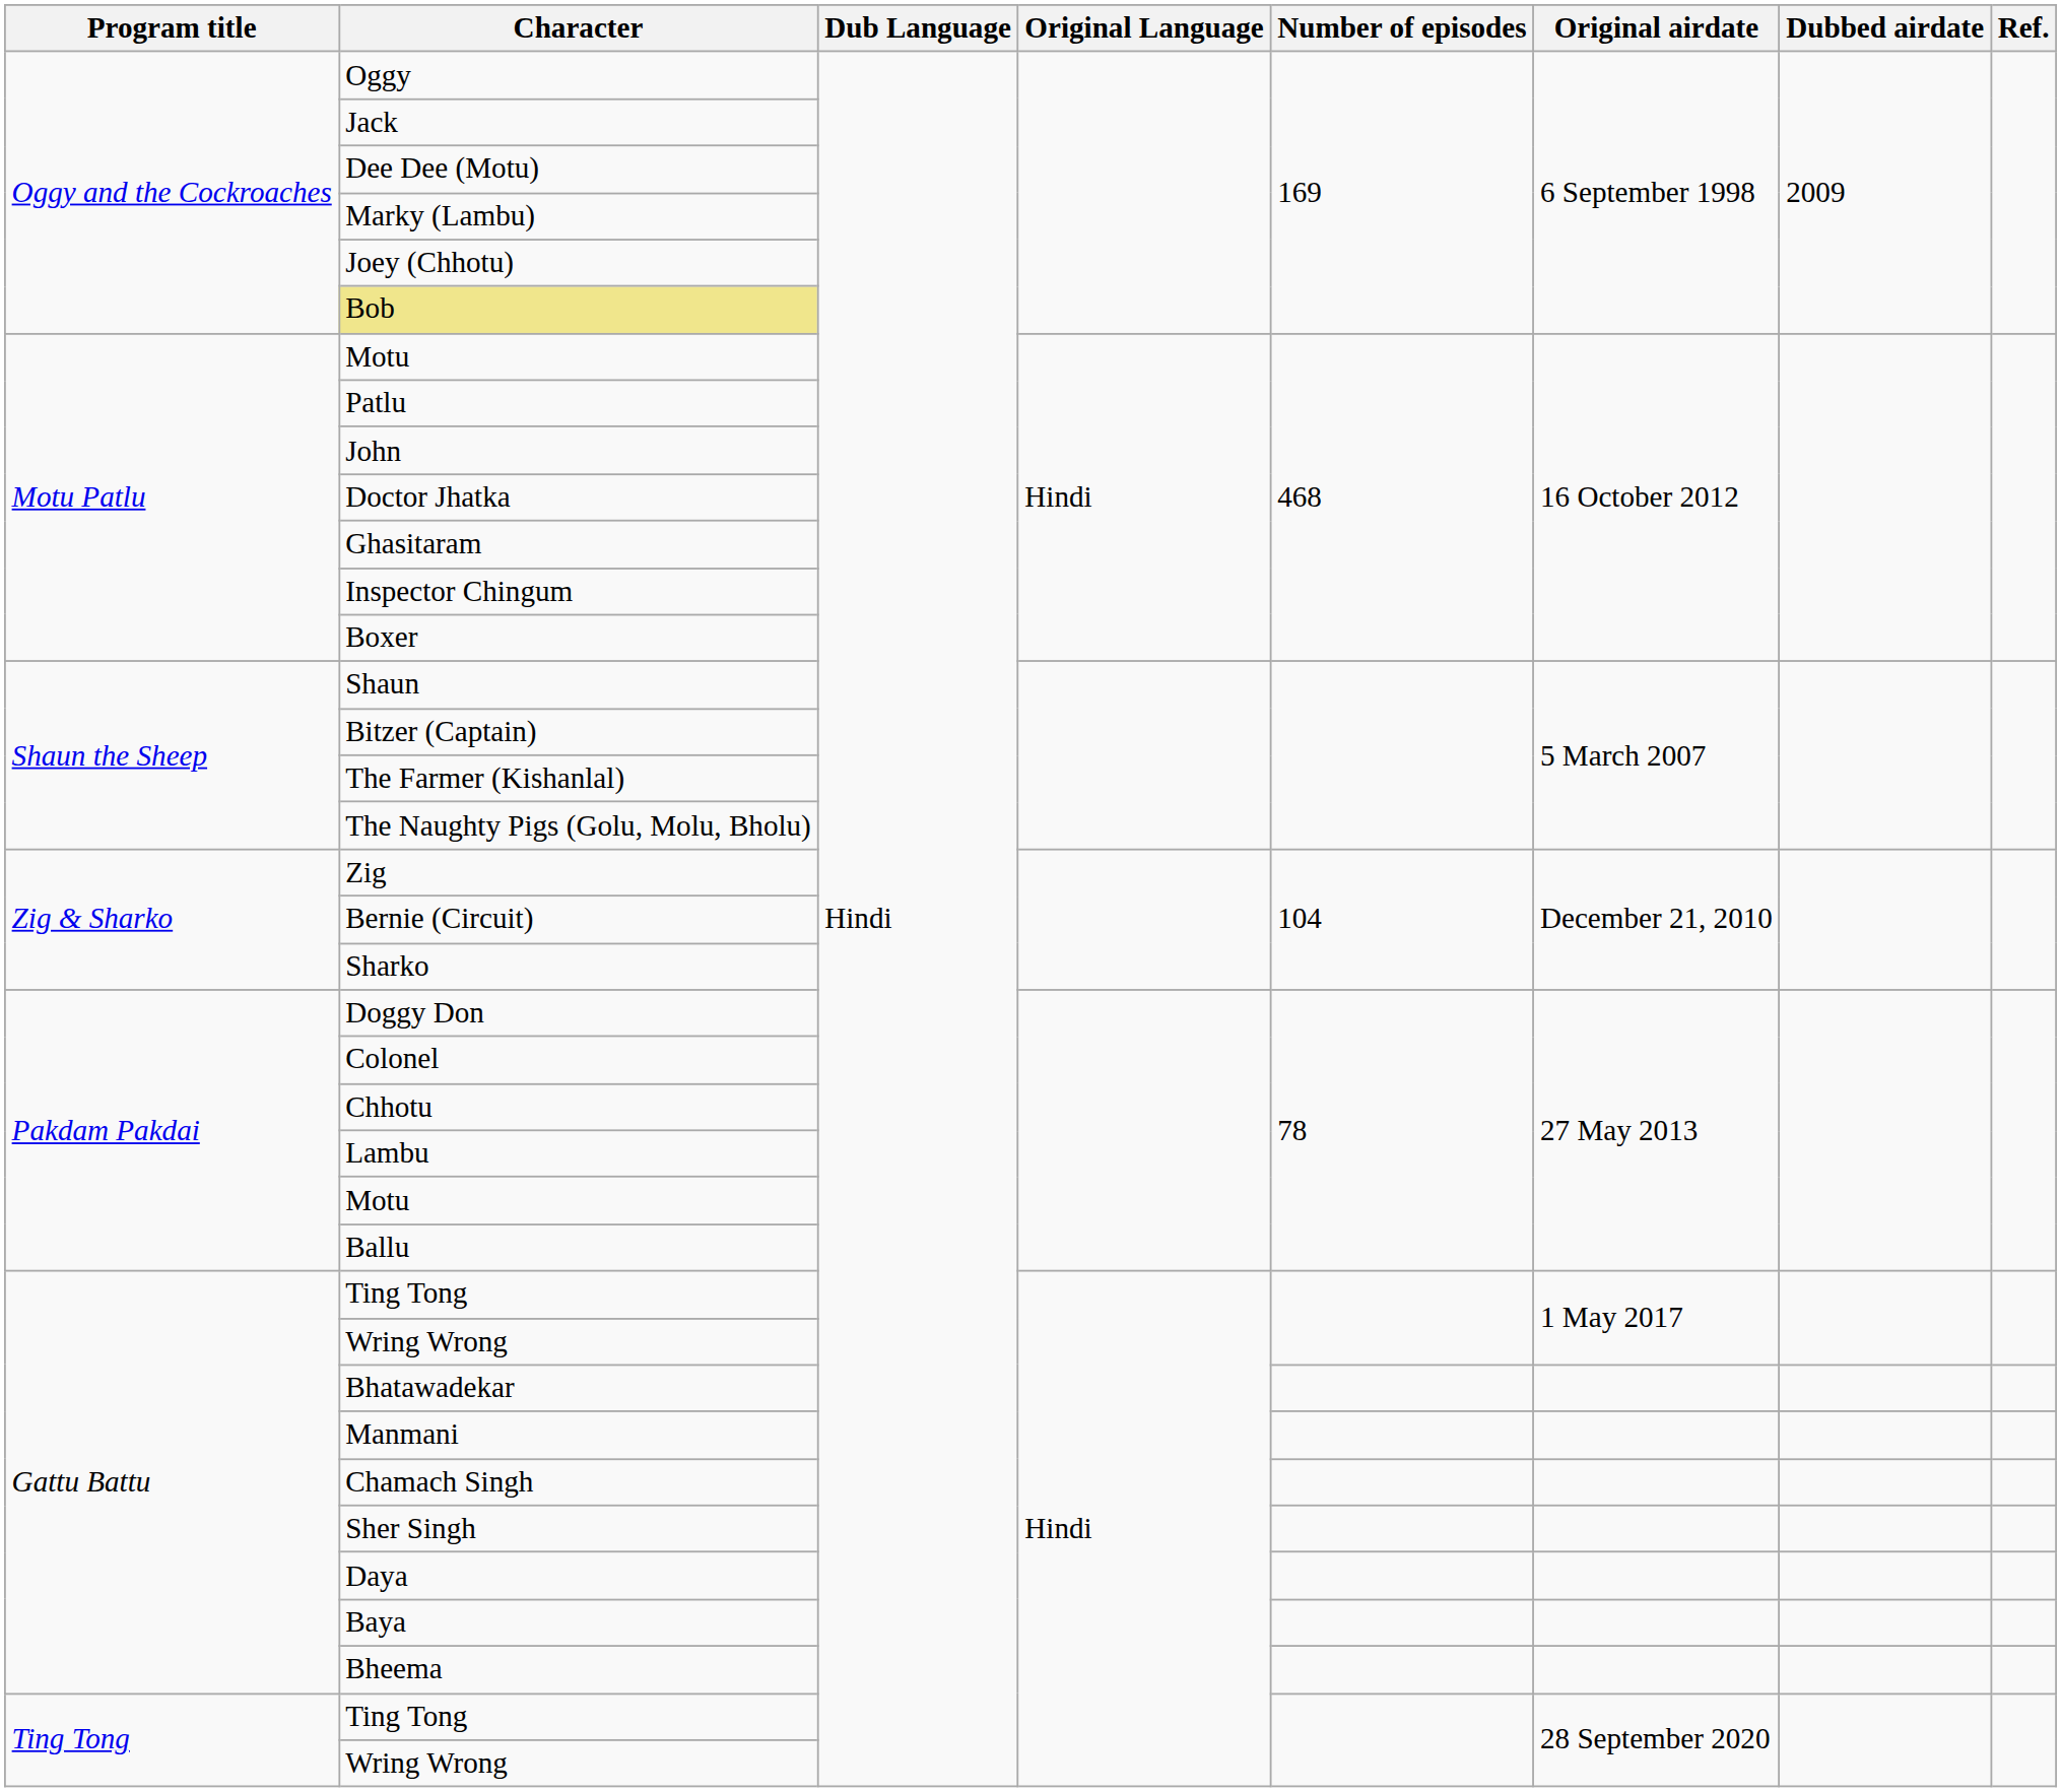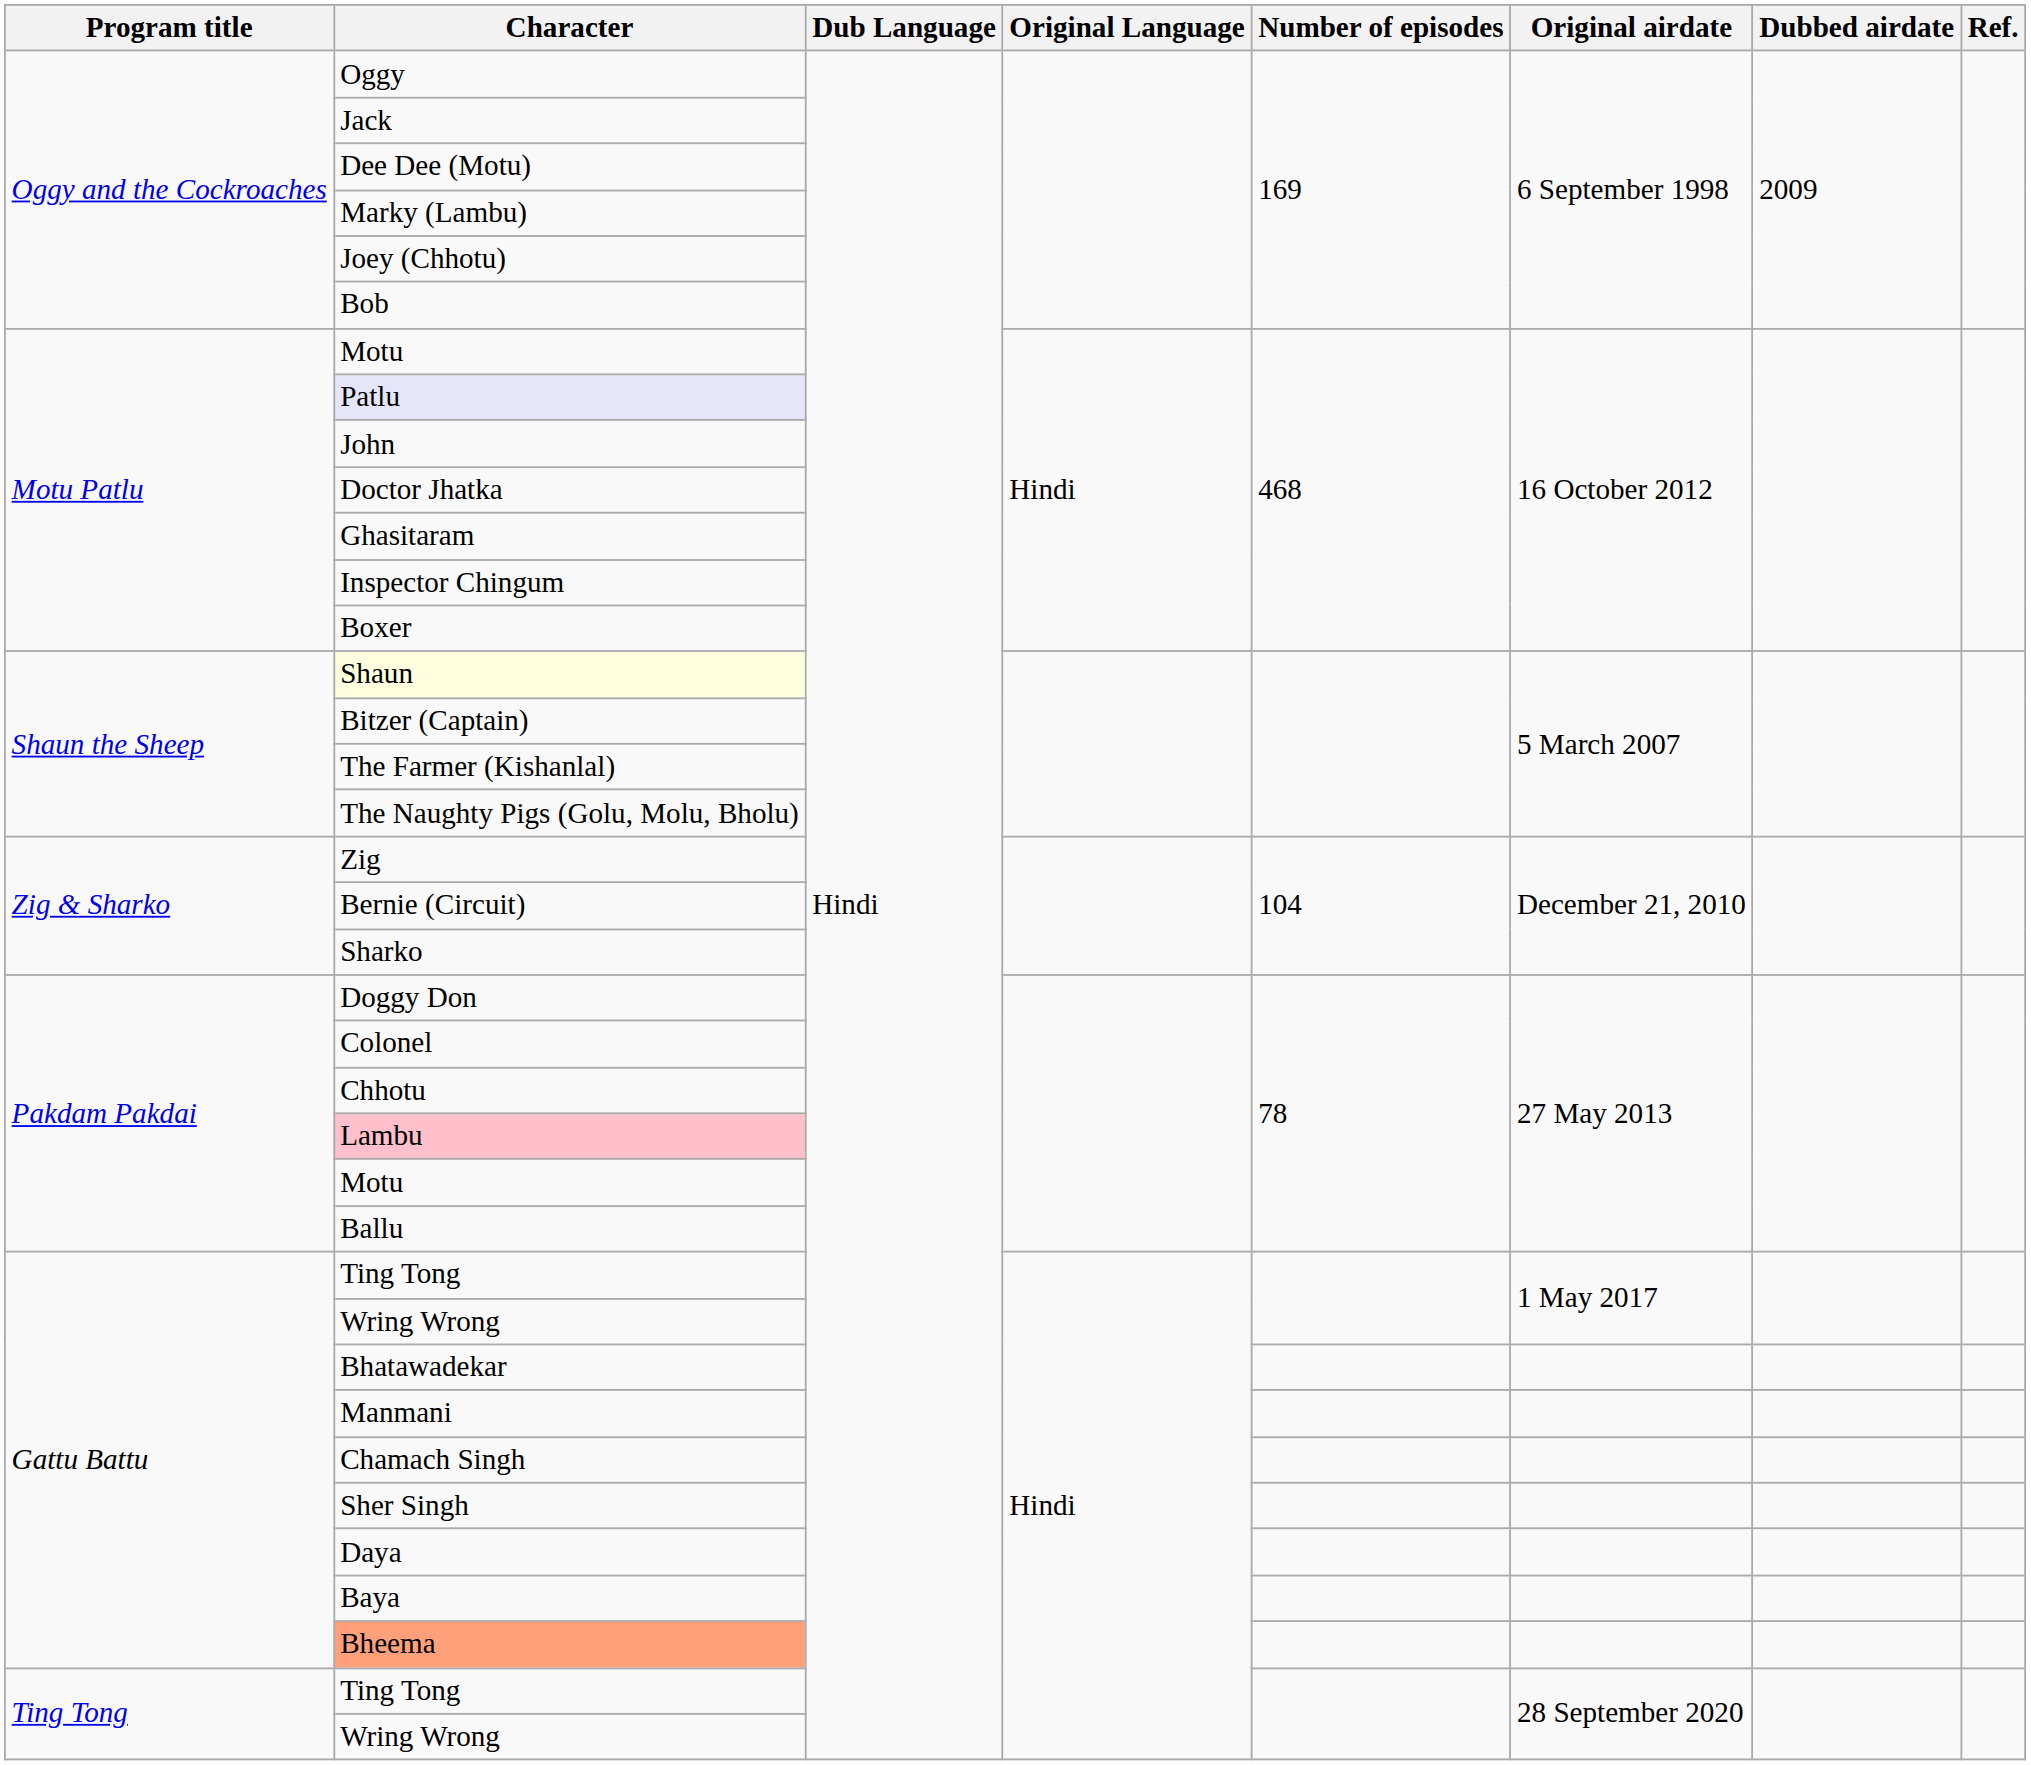 <table class="wikitable">
 <tr>
 <th>Program title</th>
 <th>Character</th>
 <th>Dub Language</th>
 <th>Original Language</th>
 <th>Number of episodes</th>
 <th>Original airdate</th>
 <th>Dubbed airdate</th>
 <th>Ref.</th>
 </tr>
 <tr>
 <td rowspan="6"><em><a href='#'>Oggy and the Cockroaches</a></em></td>
 <td>Oggy</td>
 <td rowspan="37">Hindi</td>
 <td rowspan="6"></td>
 <td rowspan="6">169</td>
 <td rowspan="6">6 September 1998</td>
 <td rowspan="6">2009</td>
 <td rowspan="6"></td>
 </tr>
 <tr>
 <td>Jack</td>
 </tr>
 <tr>
 <td>Dee Dee (Motu)</td>
 </tr>
 <tr>
 <td>Marky (Lambu)</td>
 </tr>
 <tr>
 <td>Joey (Chhotu)</td>
 </tr>
 <tr>
-<td style="background: khaki;">Bob</td>
+<td>Bob</td>
 </tr>
 <tr>
 <td rowspan="7"><em><a href='#'>Motu Patlu</a></em></td>
 <td>Motu</td>
 <td rowspan="7">Hindi</td>
 <td rowspan="7">468</td>
 <td rowspan="7">16 October 2012</td>
 <td rowspan="7"></td>
 <td rowspan="7"></td>
 </tr>
 <tr>
-<td>Patlu</td>
+<td style="background: lavender;">Patlu</td>
 </tr>
 <tr>
 <td>John</td>
 </tr>
 <tr>
 <td>Doctor Jhatka</td>
 </tr>
 <tr>
 <td>Ghasitaram</td>
 </tr>
 <tr>
 <td>Inspector Chingum</td>
 </tr>
 <tr>
 <td>Boxer</td>
 </tr>
 <tr>
 <td rowspan="4"><em><a href='#'>Shaun the Sheep</a></em></td>
-<td>Shaun</td>
+<td style="background: lightyellow;">Shaun</td>
 <td rowspan="4"></td>
 <td rowspan="4"></td>
 <td rowspan="4">5 March 2007</td>
 <td rowspan="4"></td>
 <td rowspan="4"></td>
 </tr>
 <tr>
 <td>Bitzer (Captain)</td>
 </tr>
 <tr>
 <td>The Farmer (Kishanlal)</td>
 </tr>
 <tr>
 <td>The Naughty Pigs (Golu, Molu, Bholu)</td>
 </tr>
 <tr>
 <td rowspan="3"><em><a href='#'>Zig & Sharko</a></em></td>
 <td>Zig</td>
 <td rowspan="3"></td>
 <td rowspan="3">104</td>
 <td rowspan="3">December 21, 2010</td>
 <td rowspan="3"></td>
 <td rowspan="3"></td>
 </tr>
 <tr>
 <td>Bernie (Circuit)</td>
 </tr>
 <tr>
 <td>Sharko</td>
 </tr>
 <tr>
 <td rowspan="6"><em><a href='#'>Pakdam Pakdai</a></em></td>
 <td>Doggy Don</td>
 <td rowspan="6"></td>
 <td rowspan="6">78</td>
 <td rowspan="6">27 May 2013</td>
 <td rowspan="6"></td>
 <td rowspan="6"></td>
 </tr>
 <tr>
 <td>Colonel</td>
 </tr>
 <tr>
 <td>Chhotu</td>
 </tr>
 <tr>
-<td>Lambu</td>
+<td style="background: pink;">Lambu</td>
 </tr>
 <tr>
 <td>Motu</td>
 </tr>
 <tr>
 <td>Ballu</td>
 </tr>
 <tr>
 <td rowspan="9"><em>Gattu Battu</em></td>
 <td>Ting Tong</td>
 <td rowspan="11">Hindi</td>
 <td rowspan="2"></td>
 <td rowspan="2">1 May 2017</td>
 <td rowspan="2"></td>
 <td rowspan="2"></td>
 </tr>
 <tr>
 <td>Wring Wrong</td>
 </tr>
 <tr>
 <td>Bhatawadekar</td>
 <td></td>
 <td></td>
 <td></td>
 <td></td>
 </tr>
 <tr>
 <td>Manmani</td>
 <td></td>
 <td></td>
 <td></td>
 <td></td>
 </tr>
 <tr>
 <td>Chamach Singh</td>
 <td></td>
 <td></td>
 <td></td>
 <td></td>
 </tr>
 <tr>
 <td>Sher Singh</td>
 <td></td>
 <td></td>
 <td></td>
 <td></td>
 </tr>
 <tr>
 <td>Daya</td>
 <td></td>
 <td></td>
 <td></td>
 <td></td>
 </tr>
 <tr>
 <td>Baya</td>
 <td></td>
 <td></td>
 <td></td>
 <td></td>
 </tr>
 <tr>
-<td>Bheema</td>
+<td style="background: lightsalmon;">Bheema</td>
 <td></td>
 <td></td>
 <td></td>
 <td></td>
 </tr>
 <tr>
 <td rowspan="2"><a href='#'><em>Ting Tong</em></a></td>
 <td>Ting Tong</td>
 <td rowspan="2"></td>
 <td rowspan="2">28 September 2020</td>
 <td rowspan="2"></td>
 <td rowspan="2"></td>
 </tr>
 <tr>
 <td>Wring Wrong</td>
 </tr>
 </table>
